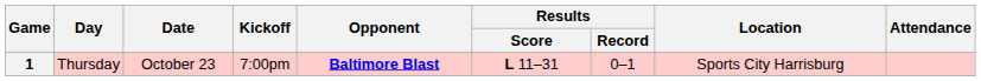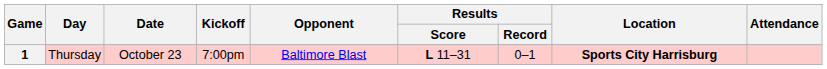 <table class="wikitable">
 <tr>
 <th rowspan="2" width="40">Game</th>
 <th rowspan="2" width="60">Day</th>
 <th rowspan="2" width="110">Date</th>
 <th rowspan="2" width="60">Kickoff</th>
 <th rowspan="2" width="180">Opponent</th>
 <th colspan="2" width="180">Results</th>
 <th rowspan="2" width="240">Location</th>
 <th rowspan="2" width="80">Attendance</th>
 </tr>
 <tr>
 <th width="120">Score</th>
 <th width="60">Record</th>
 </tr>
 <tr align="center" bgcolor="#FFCCCC">
 <th>1</th>
 <td>Thursday</td>
 <td>October 23</td>
 <td>7:00pm</td>
-<td><strong><a href='#'>Baltimore Blast</a></strong></td>
+<td><a href='#'>Baltimore Blast</a></td>
 <td><strong>L</strong> 11–31</td>
 <td>0–1</td>
-<td>Sports City Harrisburg</td>
+<td><strong>Sports City Harrisburg</strong></td>
 <td></td>
 </tr>
 </table>
